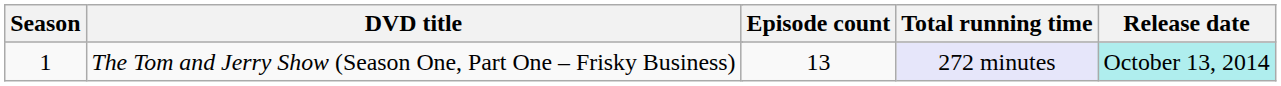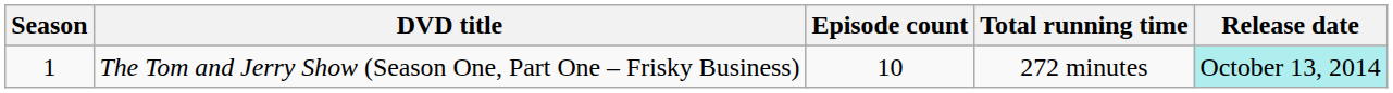 <table class="wikitable" style="vertical-align:top;">
 <tr>
 <th>Season</th>
 <th colspan="2">DVD title</th>
 <th>Episode count</th>
 <th>Total running time</th>
 <th>Release date</th>
 </tr>
 <tr>
 <td style="text-align:center;">1</td>
 <td colspan="2" style="text-align:center;"><em>The Tom and Jerry Show</em> (Season One, Part One – Frisky Business)</td>
-<td style="text-align:center;">13</td>
-<td style="background: lavender; text-align:center;">272 minutes</td>
+<td style="text-align:center;">10</td>
+<td style="text-align:center;">272 minutes</td>
 <td style="background: paleturquoise; text-align:center;">October 13, 2014</td>
 </tr>
 </table>
